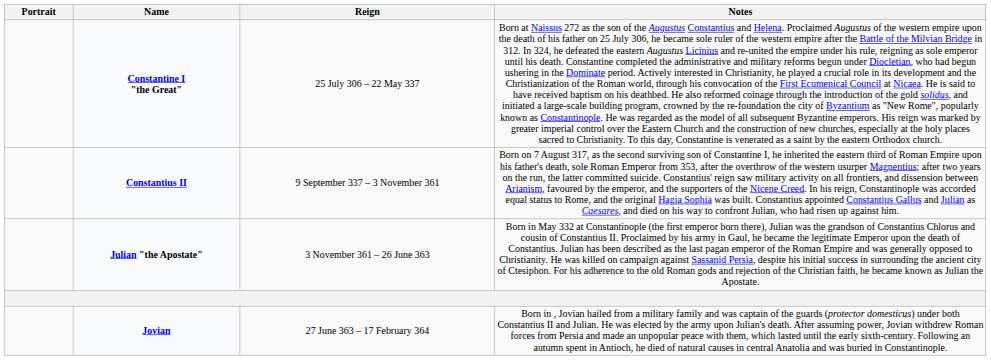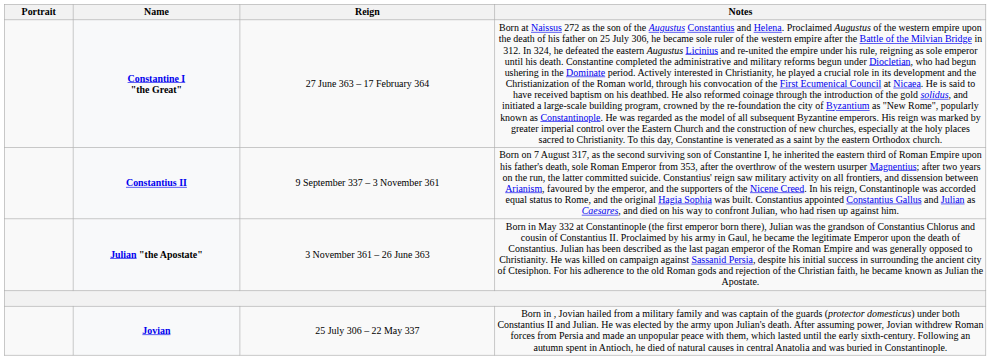 <table class="wikitable plainrowheaders" style="width:100%; text-align:center">
 <tr>
 <th scope=col width="7%">Portrait</th>
 <th scope=col width="17%">Name</th>
 <th scope=col width="26%">Reign</th>
 <th scope=col width="50%">Notes</th>
 </tr>
 <tr>
 <td></td>
 <th scope=row style="text-align:center; background:#F8F9FA"><strong><a href='#'>Constantine I</a></strong><br>"the Great"<br></th>
-<td>25 July 306 – 22 May 337<br></td>
+<td>27 June 363 – 17 February 364<br></td>
 <td>Born at <a href='#'>Naissus</a>  272 as the son of the <em><a href='#'>Augustus</a></em> <a href='#'>Constantius</a> and <a href='#'>Helena</a>. Proclaimed <em>Augustus</em> of the western empire upon the death of his father on 25 July 306, he became sole ruler of the western empire after the <a href='#'>Battle of the Milvian Bridge</a> in 312. In 324, he defeated the eastern <em>Augustus</em> <a href='#'>Licinius</a> and re-united the empire under his rule, reigning as sole emperor until his death. Constantine completed the administrative and military reforms begun under <a href='#'>Diocletian</a>, who had begun ushering in the <a href='#'>Dominate</a> period. Actively interested in Christianity, he played a crucial role in its development and the Christianization of the Roman world, through his convocation of the <a href='#'>First Ecumenical Council</a> at <a href='#'>Nicaea</a>. He is said to have received baptism on his deathbed. He also reformed coinage through the introduction of the gold <em><a href='#'>solidus</a></em>, and initiated a large-scale building program, crowned by the re-foundation the city of <a href='#'>Byzantium</a> as "New Rome", popularly known as <a href='#'>Constantinople</a>. He was regarded as the model of all subsequent Byzantine emperors. His reign was marked by greater imperial control over the Eastern Church and the construction of new churches, especially at the holy places sacred to Christianity. To this day, Constantine is venerated as a saint by the eastern Orthodox church.</td>
 </tr>
 <tr>
 <td></td>
 <th scope=row style="text-align:center; background:#F8F9FA"><strong><a href='#'>Constantius II</a></strong><br></th>
 <td>9 September 337 – 3 November 361<br></td>
 <td>Born on 7 August 317, as the second surviving son of Constantine I, he inherited the eastern third of Roman Empire upon his father's death, sole Roman Emperor from 353, after the overthrow of the western usurper <a href='#'>Magnentius</a>; after two years on the run, the latter committed suicide. Constantius' reign saw military activity on all frontiers, and dissension between <a href='#'>Arianism</a>, favoured by the emperor, and the supporters of the <a href='#'>Nicene Creed</a>. In his reign, Constantinople was accorded equal status to Rome, and the original <a href='#'>Hagia Sophia</a> was built. Constantius appointed <a href='#'>Constantius Gallus</a> and <a href='#'>Julian</a> as <em><a href='#'>Caesares</a></em>, and died on his way to confront Julian, who had risen up against him.</td>
 </tr>
 <tr>
 <td></td>
 <th scope=row style="text-align:center; background:#F8F9FA"><strong><a href='#'>Julian</a></strong> "the Apostate"<br></th>
 <td>3 November 361 – 26 June 363<br></td>
 <td>Born in May 332 at Constantinople (the first emperor born there), Julian was the grandson of Constantius Chlorus and cousin of Constantius II. Proclaimed by his army in Gaul, he became the legitimate Emperor upon the death of Constantius. Julian has been described as the last pagan emperor of the Roman Empire and was generally opposed to Christianity. He was killed on campaign against <a href='#'>Sassanid Persia</a>, despite his initial success in surrounding the ancient city of Ctesiphon. For his adherence to the old Roman gods and rejection of the Christian faith, he became known as Julian the Apostate.</td>
 </tr>
 <tr>
 <th colspan=4> </th>
 </tr>
 <tr>
 <td></td>
 <th scope=row style="text-align:center; background:#F8F9FA"><strong><a href='#'>Jovian</a></strong><br></th>
-<td>27 June 363 – 17 February 364<br></td>
+<td>25 July 306 – 22 May 337<br></td>
 <td>Born in , Jovian hailed from a military family and was captain of the guards (<em>protector domesticus</em>) under both Constantius II and Julian. He was elected by the army upon Julian's death. After assuming power, Jovian withdrew Roman forces from Persia and made an unpopular peace with them, which lasted until the early sixth-century. Following an autumn spent in Antioch, he died of natural causes in central Anatolia and was buried in Constantinople.</td>
 </tr>
 </table>
